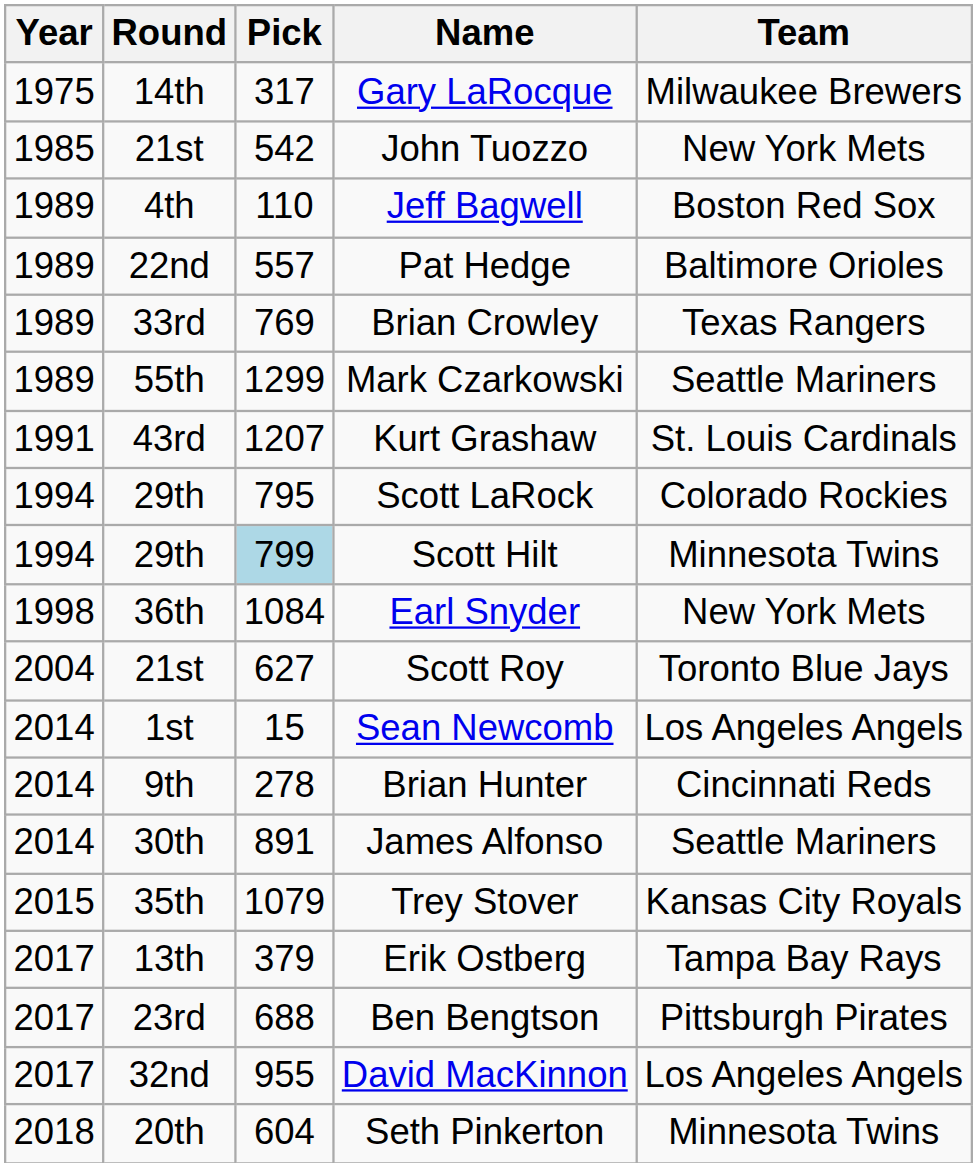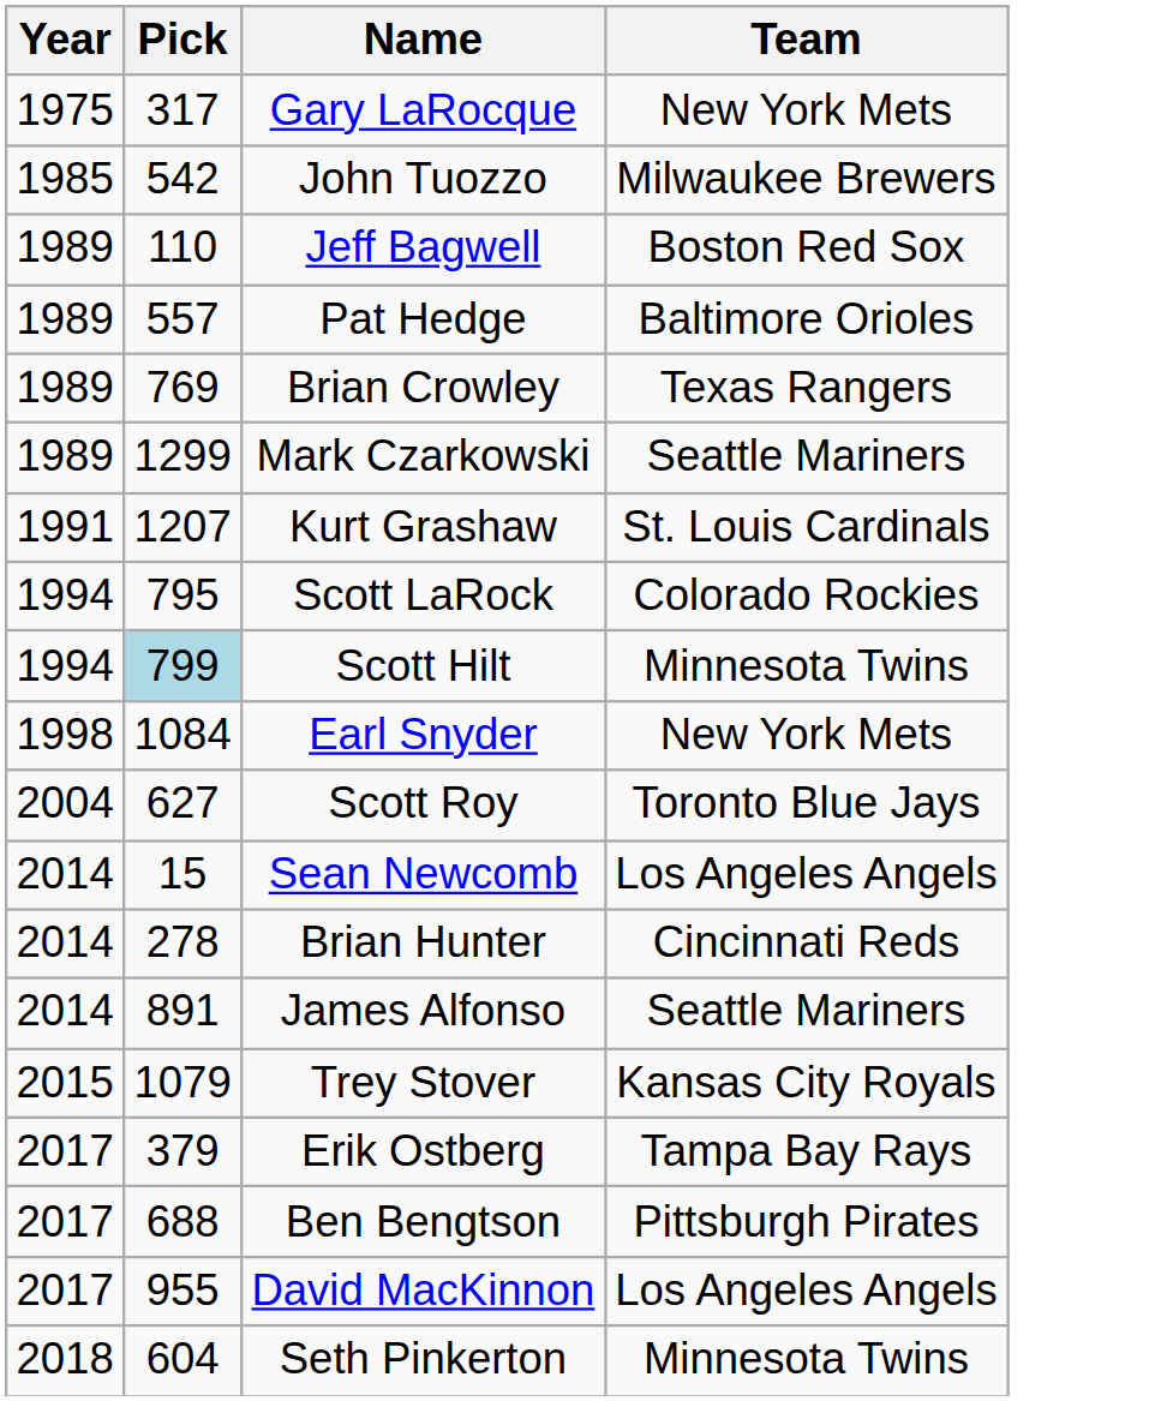 <table class="wikitable" style="text-align: center">
 <tr>
 <th>Year</th>
-<th>Round</th>
 <th>Pick</th>
 <th>Name</th>
 <th>Team</th>
 </tr>
 <tr>
 <td>1975</td>
-<td>14th</td>
 <td>317</td>
 <td><a href='#'>Gary LaRocque</a></td>
+<td>New York Mets</td>
+</tr>
+<tr>
+<td>1985</td>
+<td>542</td>
+<td>John Tuozzo</td>
 <td>Milwaukee Brewers</td>
 </tr>
 <tr>
-<td>1985</td>
-<td>21st</td>
-<td>542</td>
-<td>John Tuozzo</td>
-<td>New York Mets</td>
-</tr>
-<tr>
 <td>1989</td>
-<td>4th</td>
 <td>110</td>
 <td><a href='#'>Jeff Bagwell</a></td>
 <td>Boston Red Sox</td>
 </tr>
 <tr>
 <td>1989</td>
-<td>22nd</td>
 <td>557</td>
 <td>Pat Hedge</td>
 <td>Baltimore Orioles</td>
 </tr>
 <tr>
 <td>1989</td>
-<td>33rd</td>
 <td>769</td>
 <td>Brian Crowley</td>
 <td Texas Rangers (baseball)>Texas Rangers</td>
 </tr>
 <tr>
 <td>1989</td>
-<td>55th</td>
 <td>1299</td>
 <td>Mark Czarkowski</td>
 <td>Seattle Mariners</td>
 </tr>
 <tr>
 <td>1991</td>
-<td>43rd</td>
 <td>1207</td>
 <td>Kurt Grashaw</td>
 <td>St. Louis Cardinals</td>
 </tr>
 <tr>
 <td>1994</td>
-<td>29th</td>
 <td>795</td>
 <td>Scott LaRock</td>
 <td>Colorado Rockies</td>
 </tr>
 <tr>
 <td>1994</td>
-<td>29th</td>
 <td style="background: lightblue;">799</td>
 <td>Scott Hilt</td>
 <td>Minnesota Twins</td>
 </tr>
 <tr>
 <td>1998</td>
-<td>36th</td>
 <td>1084</td>
 <td><a href='#'>Earl Snyder</a></td>
 <td>New York Mets</td>
 </tr>
 <tr>
 <td>2004</td>
-<td>21st</td>
 <td>627</td>
 <td>Scott Roy</td>
 <td>Toronto Blue Jays</td>
 </tr>
 <tr>
 <td>2014</td>
-<td>1st</td>
 <td>15</td>
 <td><a href='#'>Sean Newcomb</a></td>
 <td>Los Angeles Angels</td>
 </tr>
 <tr>
 <td>2014</td>
-<td>9th</td>
 <td>278</td>
 <td>Brian Hunter</td>
 <td>Cincinnati Reds</td>
 </tr>
 <tr>
 <td>2014</td>
-<td>30th</td>
 <td>891</td>
 <td>James Alfonso</td>
 <td>Seattle Mariners</td>
 </tr>
 <tr>
 <td>2015</td>
-<td>35th</td>
 <td>1079</td>
 <td>Trey Stover</td>
 <td>Kansas City Royals</td>
 </tr>
 <tr>
 <td>2017</td>
-<td>13th</td>
 <td>379</td>
 <td>Erik Ostberg</td>
 <td>Tampa Bay Rays</td>
 </tr>
 <tr>
 <td>2017</td>
-<td>23rd</td>
 <td>688</td>
 <td>Ben Bengtson</td>
 <td>Pittsburgh Pirates</td>
 </tr>
 <tr>
 <td>2017</td>
-<td>32nd</td>
 <td>955</td>
 <td><a href='#'>David MacKinnon</a></td>
 <td>Los Angeles Angels</td>
 </tr>
 <tr>
 <td>2018</td>
-<td>20th</td>
 <td>604</td>
 <td>Seth Pinkerton</td>
 <td>Minnesota Twins</td>
 </tr>
 </table>
